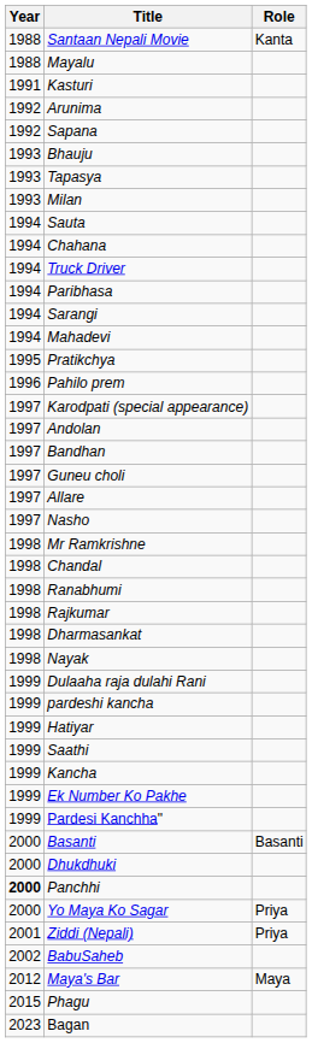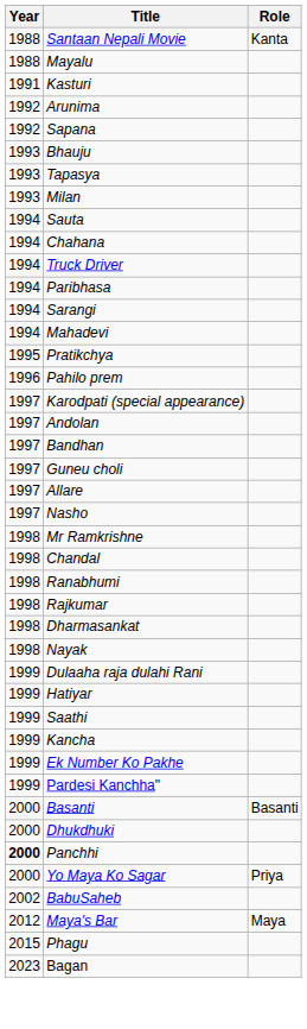 <table class="wikitable sortable">
 <tr>
 <th>Year</th>
 <th>Title</th>
 <th>Role</th>
 </tr>
 <tr>
 <td rowspan="1!">1988</td>
 <td><em><a href='#'>Santaan Nepali Movie</a></em></td>
 <td>Kanta</td>
 </tr>
 <tr>
 <td rowspan="1!">1988</td>
 <td><em>Mayalu</em></td>
 <td></td>
 </tr>
 <tr>
 <td rowspan="1">1991</td>
 <td><em>Kasturi</em></td>
 <td></td>
 </tr>
 <tr>
 <td rowspan="1">1992</td>
 <td><em>Arunima</em></td>
 <td></td>
 </tr>
 <tr>
 <td rowspan="1">1992</td>
 <td><em>Sapana</em></td>
 <td></td>
 </tr>
 <tr>
 <td rowspan="1">1993</td>
 <td><em>Bhauju</em></td>
 <td></td>
 </tr>
 <tr>
 <td rowspan="1">1993</td>
 <td><em>Tapasya</em></td>
 <td></td>
 </tr>
 <tr>
 <td rowspan="1">1993</td>
 <td><em>Milan</em></td>
 <td></td>
 </tr>
 <tr>
 <td rowspan="1">1994</td>
 <td><em>Sauta</em></td>
 <td></td>
 </tr>
 <tr>
 <td rowspan="1">1994</td>
 <td><em>Chahana</em></td>
 <td></td>
 </tr>
 <tr>
 <td rowspan="1">1994</td>
 <td><em><a href='#'>Truck Driver</a></em></td>
 <td></td>
 </tr>
 <tr>
 <td rowspan="1">1994</td>
 <td><em>Paribhasa</em></td>
 <td></td>
 </tr>
 <tr>
 <td rowspan="1">1994</td>
 <td><em>Sarangi</em></td>
 <td></td>
 </tr>
 <tr>
 <td rowspan="1">1994</td>
 <td><em>Mahadevi</em></td>
 <td></td>
 </tr>
 <tr>
 <td rowspan="1">1995</td>
 <td><em>Pratikchya</em></td>
 <td></td>
 </tr>
 <tr>
 <td rowspan="1">1996</td>
 <td><em>Pahilo prem</em></td>
 <td></td>
 </tr>
 <tr>
 <td rowspan="1">1997</td>
 <td><em>Karodpati (special appearance)</em></td>
 <td></td>
 </tr>
 <tr>
 <td rowspan="1">1997</td>
 <td><em>Andolan</em></td>
 <td></td>
 </tr>
 <tr>
 <td rowspan="1">1997</td>
 <td><em>Bandhan</em></td>
 <td></td>
 </tr>
 <tr>
 <td rowspan="1">1997</td>
 <td><em>Guneu choli</em></td>
 <td></td>
 </tr>
 <tr>
 <td rowspan="1">1997</td>
 <td><em>Allare</em></td>
 <td></td>
 </tr>
 <tr>
 <td rowspan="1">1997</td>
 <td><em>Nasho</em></td>
 <td></td>
 </tr>
 <tr>
 <td rowspan="1">1998</td>
 <td><em>Mr Ramkrishne</em></td>
 <td></td>
 </tr>
 <tr>
 <td rowspan="1">1998</td>
 <td><em>Chandal</em></td>
 <td></td>
 </tr>
 <tr>
 <td rowspan="1">1998</td>
 <td><em>Ranabhumi</em></td>
 <td></td>
 </tr>
 <tr>
 <td rowspan="1">1998</td>
 <td><em>Rajkumar</em></td>
 <td></td>
 </tr>
 <tr>
 <td rowspan="1">1998</td>
 <td><em>Dharmasankat</em></td>
 <td></td>
 </tr>
 <tr>
 <td rowspan="1">1998</td>
 <td><em>Nayak</em></td>
 <td></td>
 </tr>
 <tr>
 <td rowspan="1">1999</td>
 <td><em>Dulaaha raja dulahi Rani</em></td>
 <td></td>
 </tr>
 <tr>
 <td rowspan="1">1999</td>
-<td><em>pardeshi kancha</em></td>
-<td></td>
-</tr>
-<tr>
-<td rowspan="1">1999</td>
 <td><em>Hatiyar</em></td>
 <td></td>
 </tr>
 <tr>
 <td rowspan="1">1999</td>
 <td><em>Saathi</em></td>
 <td></td>
 </tr>
 <tr>
 <td rowspan="1">1999</td>
 <td><em>Kancha</em></td>
 <td></td>
 </tr>
 <tr>
 <td rowspan="1">1999</td>
 <td><em><a href='#'>Ek Number Ko Pakhe</a></em></td>
 <td></td>
 </tr>
 <tr>
 <td rowspan="1">1999</td>
 <td><a href='#'>Pardesi Kanchha</a>"</td>
 <td></td>
 </tr>
 <tr>
 <td rowspan="1">2000</td>
 <td><em><a href='#'>Basanti</a></em></td>
 <td>Basanti</td>
 </tr>
 <tr>
 <td rowspan="1">2000</td>
 <td><em><a href='#'>Dhukdhuki</a></em></td>
 <td></td>
 </tr>
 <tr>
 <td rowspan="1"><strong>2000</strong></td>
 <td><em>Panchhi</em></td>
 <td></td>
 </tr>
 <tr>
 <td>2000</td>
 <td><em><a href='#'>Yo Maya Ko Sagar</a></em></td>
 <td>Priya</td>
 </tr>
 <tr>
-<td rowspan="1!">2001</td>
-<td><em><a href='#'>Ziddi (Nepali)</a></em></td>
-<td>Priya</td>
-</tr>
-<tr>
 <td rowspan="1">2002</td>
 <td><em><a href='#'>BabuSaheb</a></em></td>
 <td></td>
 </tr>
 <tr>
 <td rowspan="1">2012</td>
 <td><em><a href='#'>Maya's Bar</a></em></td>
 <td>Maya</td>
 </tr>
 <tr>
 <td rowspan="1">2015</td>
 <td><em>Phagu</em></td>
 <td></td>
 </tr>
 <tr>
 <td>2023</td>
 <td>Bagan</td>
 <td></td>
 </tr>
 </table>
